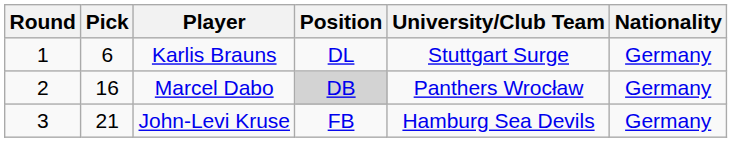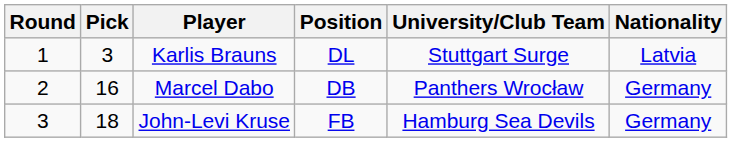 <table class="wikitable" style="font-size: 95%;">
 <tr>
 <th scope="col">Round</th>
 <th scope="col">Pick</th>
 <th scope="col">Player</th>
 <th scope="col">Position</th>
 <th scope="col">University/Club Team</th>
 <th scope="col">Nationality</th>
 </tr>
 <tr align="center">
 <td align=center>1</td>
-<td>6</td>
+<td>3</td>
 <td><a href='#'>Karlis Brauns</a></td>
 <td><a href='#'>DL</a></td>
 <td><a href='#'>Stuttgart Surge</a></td>
-<td> <a href='#'>Germany</a></td>
+<td> <a href='#'>Latvia</a></td>
 </tr>
 <tr align="center">
 <td align=center>2</td>
 <td>16</td>
 <td><a href='#'>Marcel Dabo</a></td>
-<td style="background: lightgrey;"><a href='#'>DB</a></td>
+<td><a href='#'>DB</a></td>
 <td><a href='#'>Panthers Wrocław</a></td>
 <td> <a href='#'>Germany</a></td>
 </tr>
 <tr align="center">
 <td align=center>3</td>
-<td>21</td>
+<td>18</td>
 <td><a href='#'>John-Levi Kruse</a></td>
 <td><a href='#'>FB</a></td>
 <td><a href='#'>Hamburg Sea Devils</a></td>
 <td> <a href='#'>Germany</a></td>
 </tr>
 </table>
